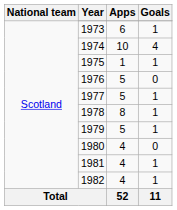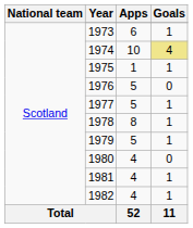 <table class="wikitable" style="text-align: center;">
 <tr>
 <th>National team</th>
 <th>Year</th>
 <th>Apps</th>
 <th>Goals</th>
 </tr>
 <tr>
 <td rowspan=11><a href='#'>Scotland</a></td>
 </tr>
 <tr>
 <td>1973</td>
 <td>6</td>
 <td>1</td>
 </tr>
 <tr>
 <td>1974</td>
 <td>10</td>
-<td>4</td>
+<td style="background: khaki;">4</td>
 </tr>
 <tr>
 <td>1975</td>
 <td>1</td>
 <td>1</td>
 </tr>
 <tr>
 <td>1976</td>
 <td>5</td>
 <td>0</td>
 </tr>
 <tr>
 <td>1977</td>
 <td>5</td>
 <td>1</td>
 </tr>
 <tr>
 <td>1978</td>
 <td>8</td>
 <td>1</td>
 </tr>
 <tr>
 <td>1979</td>
 <td>5</td>
 <td>1</td>
 </tr>
 <tr>
 <td>1980</td>
 <td>4</td>
 <td>0</td>
 </tr>
 <tr>
 <td>1981</td>
 <td>4</td>
 <td>1</td>
 </tr>
 <tr>
 <td>1982</td>
 <td>4</td>
 <td>1</td>
 </tr>
 <tr>
 <th colspan=2>Total</th>
 <th>52</th>
 <th>11</th>
 </tr>
 </table>
